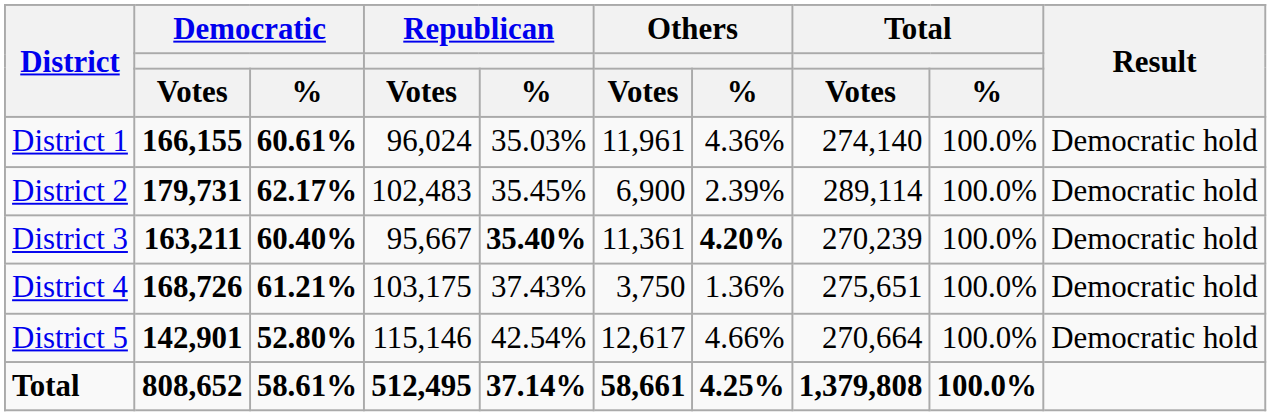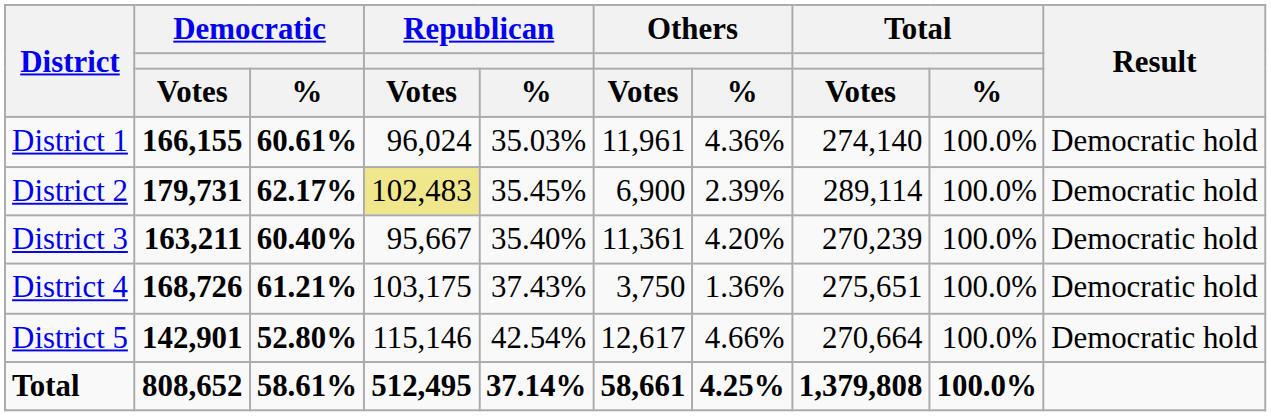 <table class="wikitable plainrowheaders sortable" style="font-size:100%; text-align:right;">
 <tr>
 <th scope=col rowspan=3><a href='#'>District</a></th>
 <th scope=col colspan=2><a href='#'>Democratic</a></th>
 <th scope=col colspan=2><a href='#'>Republican</a></th>
 <th scope=col colspan=2>Others</th>
 <th scope=col colspan=2>Total</th>
 <th scope=col rowspan=3>Result</th>
 </tr>
 <tr>
 <th scope=col colspan=2 style="background:"></th>
 <th scope=col colspan=2 style="background:"></th>
 <th scope=col colspan=2></th>
 <th scope=col colspan=2></th>
 </tr>
 <tr>
 <th scope=col data-sort-type="number">Votes</th>
 <th scope=col data-sort-type="number">%</th>
 <th scope=col data-sort-type="number">Votes</th>
 <th scope=col data-sort-type="number">%</th>
 <th scope=col data-sort-type="number">Votes</th>
 <th scope=col data-sort-type="number">%</th>
 <th scope=col data-sort-type="number">Votes</th>
 <th scope=col data-sort-type="number">%</th>
 </tr>
 <tr>
 <td align=left><a href='#'>District 1</a></td>
 <td><strong>166,155</strong></td>
 <td><strong>60.61%</strong></td>
 <td>96,024</td>
 <td>35.03%</td>
 <td>11,961</td>
 <td>4.36%</td>
 <td>274,140</td>
 <td>100.0%</td>
 <td align=left>Democratic hold</td>
 </tr>
 <tr>
 <td align=left><a href='#'>District 2</a></td>
 <td><strong>179,731</strong></td>
 <td><strong>62.17%</strong></td>
-<td>102,483</td>
+<td style="background: khaki;">102,483</td>
 <td>35.45%</td>
 <td>6,900</td>
 <td>2.39%</td>
 <td>289,114</td>
 <td>100.0%</td>
 <td align=left>Democratic hold</td>
 </tr>
 <tr>
 <td align=left><a href='#'>District 3</a></td>
 <td><strong>163,211</strong></td>
 <td><strong>60.40%</strong></td>
 <td>95,667</td>
-<td><strong>35.40%</strong></td>
+<td>35.40%</td>
 <td>11,361</td>
-<td><strong>4.20%</strong></td>
+<td>4.20%</td>
 <td>270,239</td>
 <td>100.0%</td>
 <td align=left>Democratic hold</td>
 </tr>
 <tr>
 <td align=left><a href='#'>District 4</a></td>
 <td><strong>168,726</strong></td>
 <td><strong>61.21%</strong></td>
 <td>103,175</td>
 <td>37.43%</td>
 <td>3,750</td>
 <td>1.36%</td>
 <td>275,651</td>
 <td>100.0%</td>
 <td align=left>Democratic hold</td>
 </tr>
 <tr>
 <td align=left><a href='#'>District 5</a></td>
 <td><strong>142,901</strong></td>
 <td><strong>52.80%</strong></td>
 <td>115,146</td>
 <td>42.54%</td>
 <td>12,617</td>
 <td>4.66%</td>
 <td>270,664</td>
 <td>100.0%</td>
 <td align=left>Democratic hold</td>
 </tr>
 <tr class="sortbottom" style="font-weight:bold">
 <td align=left>Total</td>
 <td>808,652</td>
 <td>58.61%</td>
 <td>512,495</td>
 <td>37.14%</td>
 <td>58,661</td>
 <td>4.25%</td>
 <td>1,379,808</td>
 <td>100.0%</td>
 <td></td>
 </tr>
 </table>
